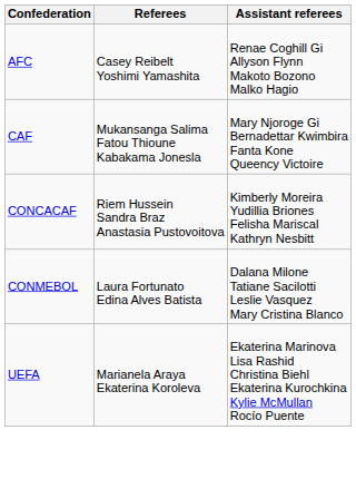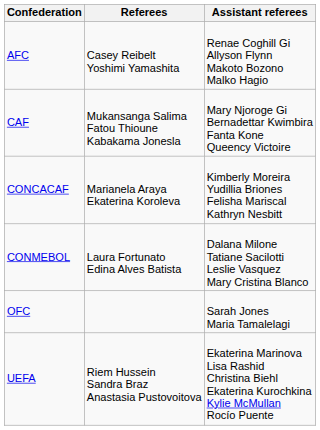 <table class="wikitable">
 <tr>
 <th>Confederation</th>
 <th>Referees</th>
 <th>Assistant referees</th>
 </tr>
 <tr>
 <td><a href='#'>AFC</a></td>
 <td><br> Casey Reibelt<br>  Yoshimi Yamashita</td>
 <td><br> Renae Coghill Gi<br>  Allyson Flynn<br>  Makoto Bozono<br>  Malko Hagio</td>
 </tr>
 <tr>
 <td><a href='#'>CAF</a></td>
 <td><br> Mukansanga Salima<br>  Fatou Thioune<br>  Kabakama Jonesla</td>
 <td><br> Mary Njoroge Gi<br>  Bernadettar Kwimbira<br>  Fanta Kone<br>  Queency Victoire</td>
 </tr>
 <tr>
 <td><a href='#'>CONCACAF</a></td>
-<td><br> Riem Hussein<br>  Sandra Braz<br>  Anastasia Pustovoitova</td>
+<td><br> Marianela Araya<br>  Ekaterina Koroleva</td>
 <td><br> Kimberly Moreira<br>  Yudillia Briones<br>  Felisha Mariscal<br>  Kathryn Nesbitt</td>
 </tr>
 <tr>
 <td><a href='#'>CONMEBOL</a></td>
 <td><br> Laura Fortunato<br>  Edina Alves Batista</td>
 <td><br> Dalana Milone<br>  Tatiane Sacilotti<br>  Leslie Vasquez<br>  Mary Cristina Blanco</td>
 </tr>
 <tr>
+<td><a href='#'>OFC</a></td>
+<td></td>
+<td><br> Sarah Jones<br>  Maria Tamalelagi</td>
+</tr>
+<tr>
 <td><a href='#'>UEFA</a></td>
-<td><br> Marianela Araya<br>  Ekaterina Koroleva</td>
+<td><br> Riem Hussein<br>  Sandra Braz<br>  Anastasia Pustovoitova</td>
 <td><br> Ekaterina Marinova<br>  Lisa Rashid<br>  Christina Biehl<br>  Ekaterina Kurochkina<br>  <a href='#'>Kylie McMullan</a><br>  Rocío Puente</td>
 </tr>
 </table>
